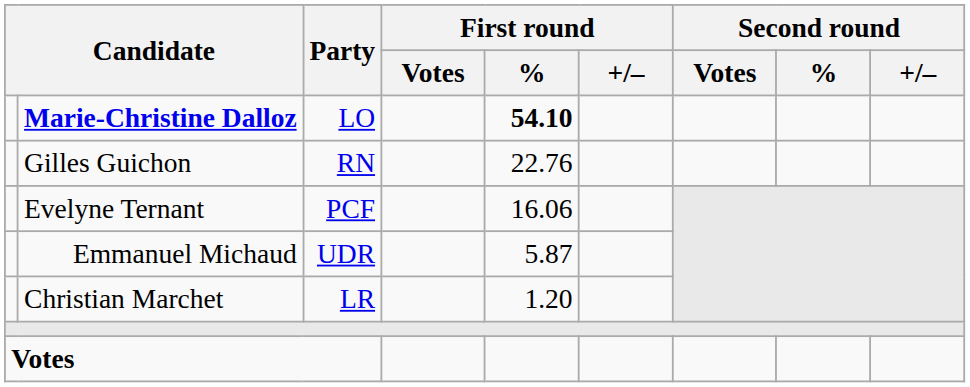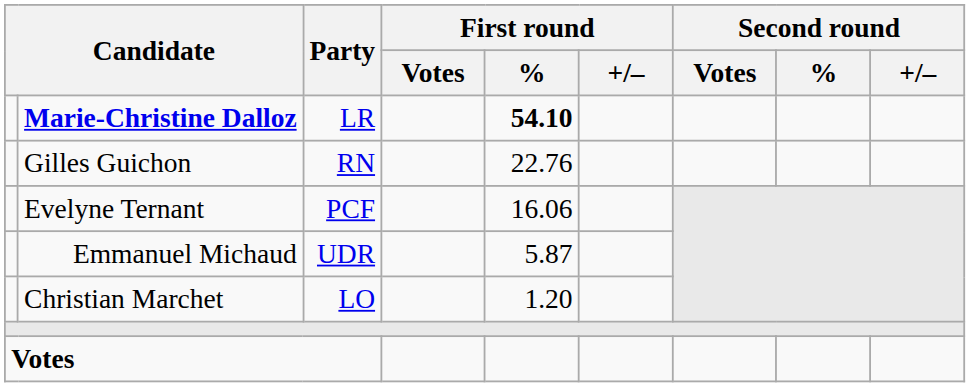 <table class="wikitable" style="text-align:right;font-size:95%;">
 <tr>
 <th colspan="2" rowspan="2">Candidate</th>
 <th colspan="1" rowspan="2">Party</th>
 <th colspan="3">First round</th>
 <th colspan="3">Second round</th>
 </tr>
 <tr>
 <th style="width:50px;">Votes</th>
 <th style="width:45px;">%</th>
 <th style="width:45px;">+/–</th>
 <th style="width:50px;">Votes</th>
 <th style="width:45px;">%</th>
 <th style="width:45px;">+/–</th>
 </tr>
 <tr>
 <td style="color:inherit;background:"></td>
 <td style="text-align:left;"><strong><a href='#'>Marie-Christine Dalloz</a></strong></td>
-<td><a href='#'>LO</a></td>
+<td><a href='#'>LR</a></td>
 <td></td>
 <td><strong>54.10</strong></td>
 <td style="color:green;"></td>
 <td></td>
 <td></td>
 <td style="color:green;"></td>
 </tr>
 <tr>
 <td style="color:inherit;background:"></td>
 <td style="text-align:left;">Gilles Guichon</td>
 <td><a href='#'>RN</a></td>
 <td></td>
 <td>22.76</td>
 <td style="color:green;"></td>
 <td></td>
 <td></td>
 <td style="color:grey;"></td>
 </tr>
 <tr>
 <td style="color:inherit;background:"></td>
 <td style="text-align:left;">Evelyne Ternant</td>
 <td><a href='#'>PCF</a></td>
 <td></td>
 <td>16.06</td>
 <td style="color:green;"></td>
 <td colspan="3" rowspan="3" style="background:#E9E9E9;"></td>
 </tr>
 <tr>
 <td></td>
 <td>Emmanuel Michaud</td>
 <td><a href='#'>UDR</a></td>
 <td></td>
 <td>5.87</td>
 </tr>
 <tr>
 <td style="color:inherit;background:"></td>
 <td style="text-align:left;">Christian Marchet</td>
-<td><a href='#'>LR</a></td>
+<td><a href='#'>LO</a></td>
 <td></td>
 <td>1.20</td>
 <td style="color:green;"></td>
 </tr>
 <tr>
 <td colspan="9" style="background:#E9E9E9;"></td>
 </tr>
 <tr style="font-weight:bold;">
 <td colspan="3" style="text-align:left;">Votes</td>
 <td></td>
 <td></td>
 <td></td>
 <td></td>
 <td></td>
 <td></td>
 </tr>
 </table>
